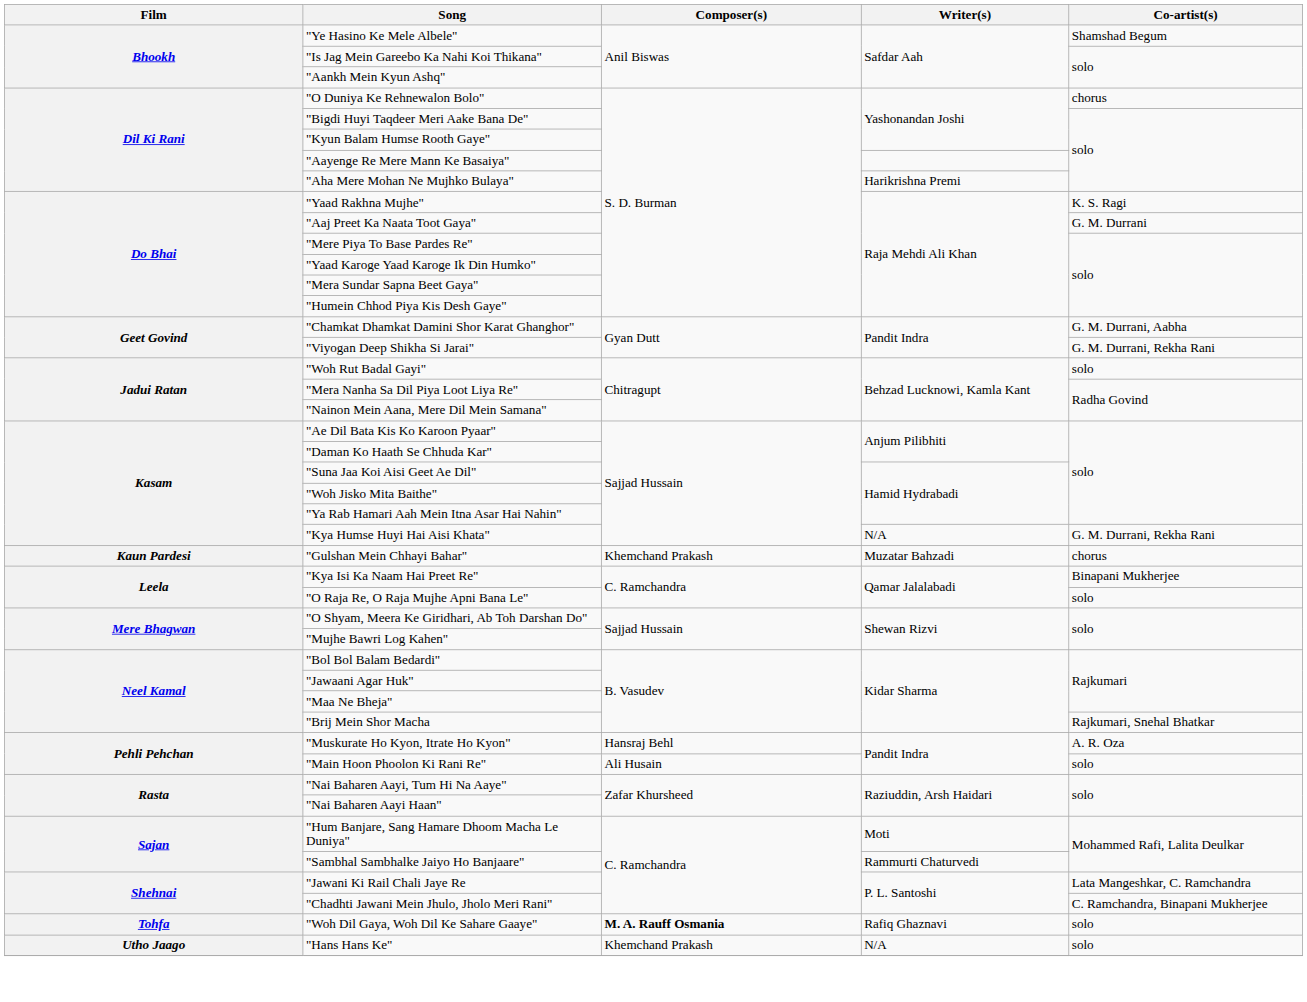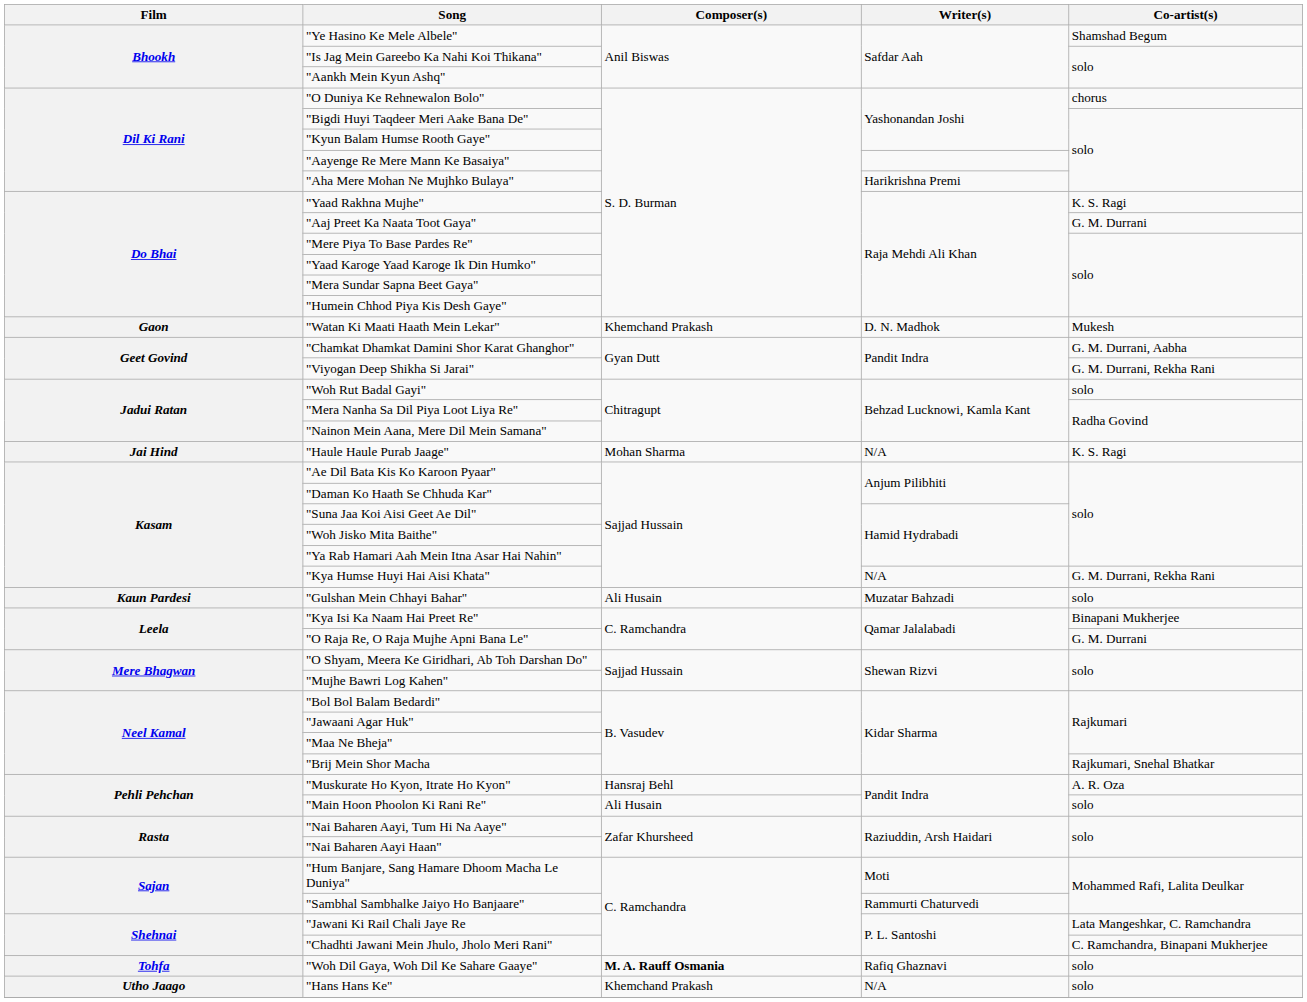 <table class="wikitable plainrowheaders" width="100%" textcolor:#000;">
 <tr style="background:#b0e0e66;">
 <th scope="col" width=23%><strong>Film</strong></th>
 <th scope="col" width=23%><strong>Song</strong></th>
 <th scope="col" width=20%><strong>Composer(s)</strong></th>
 <th scope="col" width=16%><strong>Writer(s)</strong></th>
 <th scope="col" width=18%><strong>Co-artist(s)</strong></th>
 </tr>
 <tr>
 <th Rowspan=3><em><a href='#'>Bhookh</a></em></th>
 <td>"Ye Hasino Ke Mele Albele"</td>
 <td rowspan=3>Anil Biswas</td>
 <td Rowspan=3>Safdar Aah</td>
 <td>Shamshad Begum</td>
 </tr>
 <tr>
 <td>"Is Jag Mein Gareebo Ka Nahi Koi Thikana"</td>
 <td rowspan=2>solo</td>
 </tr>
 <tr>
 <td>"Aankh Mein Kyun Ashq"</td>
 </tr>
 <tr>
 <th Rowspan=5><em><a href='#'>Dil Ki Rani</a></em></th>
 <td>"O Duniya Ke Rehnewalon Bolo"</td>
 <td Rowspan=11>S. D. Burman</td>
 <td rowspan=3>Yashonandan Joshi</td>
 <td>chorus</td>
 </tr>
 <tr>
 <td>"Bigdi Huyi Taqdeer Meri Aake Bana De"</td>
 <td rowspan=4>solo</td>
 </tr>
 <tr>
 <td>"Kyun Balam Humse Rooth Gaye"</td>
 </tr>
 <tr>
 <td>"Aayenge Re Mere Mann Ke Basaiya"</td>
 </tr>
 <tr>
 <td>"Aha Mere Mohan Ne Mujhko Bulaya"</td>
 <td>Harikrishna Premi</td>
 </tr>
 <tr>
 <th Rowspan=6><em><a href='#'>Do Bhai</a></em></th>
 <td>"Yaad Rakhna Mujhe"</td>
 <td Rowspan=6>Raja Mehdi Ali Khan</td>
 <td>K. S. Ragi</td>
 </tr>
 <tr>
 <td>"Aaj Preet Ka Naata Toot Gaya"</td>
 <td>G. M. Durrani</td>
 </tr>
 <tr>
 <td>"Mere Piya To Base Pardes Re"</td>
 <td rowspan=4>solo</td>
 </tr>
 <tr>
 <td>"Yaad Karoge Yaad Karoge Ik Din Humko"</td>
 </tr>
 <tr>
 <td>"Mera Sundar Sapna Beet Gaya"</td>
 </tr>
 <tr>
 <td>"Humein Chhod Piya Kis Desh Gaye"</td>
 </tr>
 <tr>
+<th><em>Gaon</em></th>
+<td>"Watan Ki Maati Haath Mein Lekar"</td>
+<td>Khemchand Prakash</td>
+<td>D. N. Madhok</td>
+<td>Mukesh</td>
+</tr>
+<tr>
 <th Rowspan=2><em>Geet Govind</em></th>
 <td>"Chamkat Dhamkat Damini Shor Karat Ghanghor"</td>
 <td rowspan=2>Gyan Dutt</td>
 <td rowspan=2>Pandit Indra</td>
 <td>G. M. Durrani, Aabha</td>
 </tr>
 <tr>
 <td>"Viyogan Deep Shikha Si Jarai"</td>
 <td>G. M. Durrani, Rekha Rani</td>
 </tr>
 <tr>
 <th Rowspan=3><em>Jadui Ratan</em></th>
 <td>"Woh Rut Badal Gayi"</td>
 <td Rowspan=3>Chitragupt</td>
 <td Rowspan=3>Behzad Lucknowi, Kamla Kant</td>
 <td>solo</td>
 </tr>
 <tr>
 <td>"Mera Nanha Sa Dil Piya Loot Liya Re"</td>
 <td Rowspan=2>Radha Govind</td>
 </tr>
 <tr>
 <td>"Nainon Mein Aana, Mere Dil Mein Samana"</td>
+</tr>
+<tr>
+<th><em>Jai Hind</em></th>
+<td>"Haule Haule Purab Jaage"</td>
+<td>Mohan Sharma</td>
+<td>N/A</td>
+<td>K. S. Ragi</td>
 </tr>
 <tr>
 <th Rowspan=6><em>Kasam</em></th>
 <td>"Ae Dil Bata Kis Ko Karoon Pyaar"</td>
 <td rowspan=6>Sajjad Hussain</td>
 <td rowspan=2>Anjum Pilibhiti</td>
 <td rowspan=5>solo</td>
 </tr>
 <tr>
 <td>"Daman Ko Haath Se Chhuda Kar"</td>
 </tr>
 <tr>
 <td>"Suna Jaa Koi Aisi Geet Ae Dil"</td>
 <td rowspan=3>Hamid Hydrabadi</td>
 </tr>
 <tr>
 <td>"Woh Jisko Mita Baithe"</td>
 </tr>
 <tr>
 <td>"Ya Rab Hamari Aah Mein Itna Asar Hai Nahin"</td>
 </tr>
 <tr>
 <td>"Kya Humse Huyi Hai Aisi Khata"</td>
 <td>N/A</td>
 <td>G. M. Durrani, Rekha Rani</td>
 </tr>
 <tr>
 <th><em>Kaun Pardesi</em></th>
 <td>"Gulshan Mein Chhayi Bahar"</td>
-<td>Khemchand Prakash</td>
+<td>Ali Husain</td>
 <td>Muzatar Bahzadi</td>
-<td>chorus</td>
+<td>solo</td>
 </tr>
 <tr>
 <th Rowspan=2><em>Leela</em></th>
 <td>"Kya Isi Ka Naam Hai Preet Re"</td>
 <td Rowspan=2>C. Ramchandra</td>
 <td rowspan=2>Qamar Jalalabadi</td>
 <td>Binapani Mukherjee</td>
 </tr>
 <tr>
 <td>"O Raja Re, O Raja Mujhe Apni Bana Le"</td>
-<td>solo</td>
+<td>G. M. Durrani</td>
 </tr>
 <tr>
 <th Rowspan=2><em><a href='#'>Mere Bhagwan</a></em></th>
 <td>"O Shyam, Meera Ke Giridhari, Ab Toh Darshan Do"</td>
 <td rowspan=2>Sajjad Hussain</td>
 <td rowspan=2>Shewan Rizvi</td>
 <td rowspan=2>solo</td>
 </tr>
 <tr>
 <td>"Mujhe Bawri Log Kahen"</td>
 </tr>
 <tr>
 <th Rowspan=4><em><a href='#'>Neel Kamal</a></em></th>
 <td>"Bol Bol Balam Bedardi"</td>
 <td rowspan=4>B. Vasudev</td>
 <td rowspan=4>Kidar Sharma</td>
 <td rowspan=3>Rajkumari</td>
 </tr>
 <tr>
 <td>"Jawaani Agar Huk"</td>
 </tr>
 <tr>
 <td>"Maa Ne Bheja"</td>
 </tr>
 <tr>
 <td>"Brij Mein Shor Macha</td>
 <td>Rajkumari, Snehal Bhatkar</td>
 </tr>
 <tr>
 <th Rowspan=2><em>Pehli Pehchan</em></th>
 <td>"Muskurate Ho Kyon, Itrate Ho Kyon"</td>
 <td>Hansraj Behl</td>
 <td rowspan=2>Pandit Indra</td>
 <td>A. R. Oza</td>
 </tr>
 <tr>
 <td>"Main Hoon Phoolon Ki Rani Re"</td>
 <td>Ali Husain</td>
 <td>solo</td>
 </tr>
 <tr>
 <th rowspan=2><em>Rasta</em></th>
 <td>"Nai Baharen Aayi, Tum Hi Na Aaye"</td>
 <td rowspan=2>Zafar Khursheed</td>
 <td rowspan=2>Raziuddin, Arsh Haidari</td>
 <td rowspan=2>solo</td>
 </tr>
 <tr>
 <td>"Nai Baharen Aayi Haan"</td>
 </tr>
 <tr>
 <th Rowspan=2><em><a href='#'>Sajan</a></em></th>
 <td>"Hum Banjare, Sang Hamare Dhoom Macha Le Duniya"</td>
 <td rowspan=4>C. Ramchandra</td>
 <td>Moti</td>
 <td rowspan=2>Mohammed Rafi, Lalita Deulkar</td>
 </tr>
 <tr>
 <td>"Sambhal Sambhalke Jaiyo Ho Banjaare"</td>
 <td>Rammurti Chaturvedi</td>
 </tr>
 <tr>
 <th Rowspan=2><em><a href='#'>Shehnai</a></em></th>
 <td>"Jawani Ki Rail Chali Jaye Re</td>
 <td Rowspan=2>P. L. Santoshi</td>
 <td>Lata Mangeshkar, C. Ramchandra</td>
 </tr>
 <tr>
 <td>"Chadhti Jawani Mein Jhulo, Jholo Meri Rani"</td>
 <td>C. Ramchandra, Binapani Mukherjee</td>
 </tr>
 <tr>
 <th><em><a href='#'>Tohfa</a></em></th>
 <td>"Woh Dil Gaya, Woh Dil Ke Sahare Gaaye"</td>
 <td><strong>M. A. Rauff Osmania</strong></td>
 <td>Rafiq Ghaznavi</td>
 <td>solo</td>
 </tr>
 <tr>
 <th><em>Utho Jaago</em></th>
 <td>"Hans Hans Ke"</td>
 <td>Khemchand Prakash</td>
 <td>N/A</td>
 <td>solo</td>
 </tr>
 <tr>
 </tr>
 </table>
